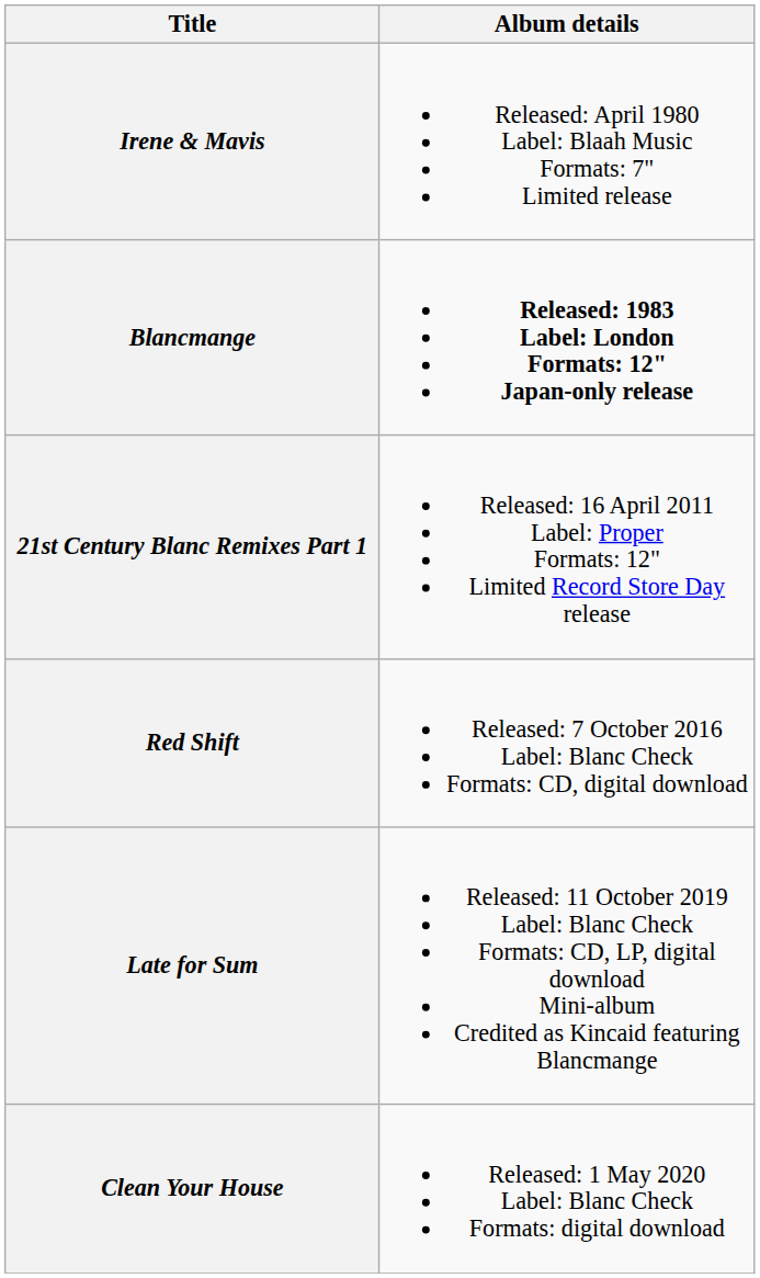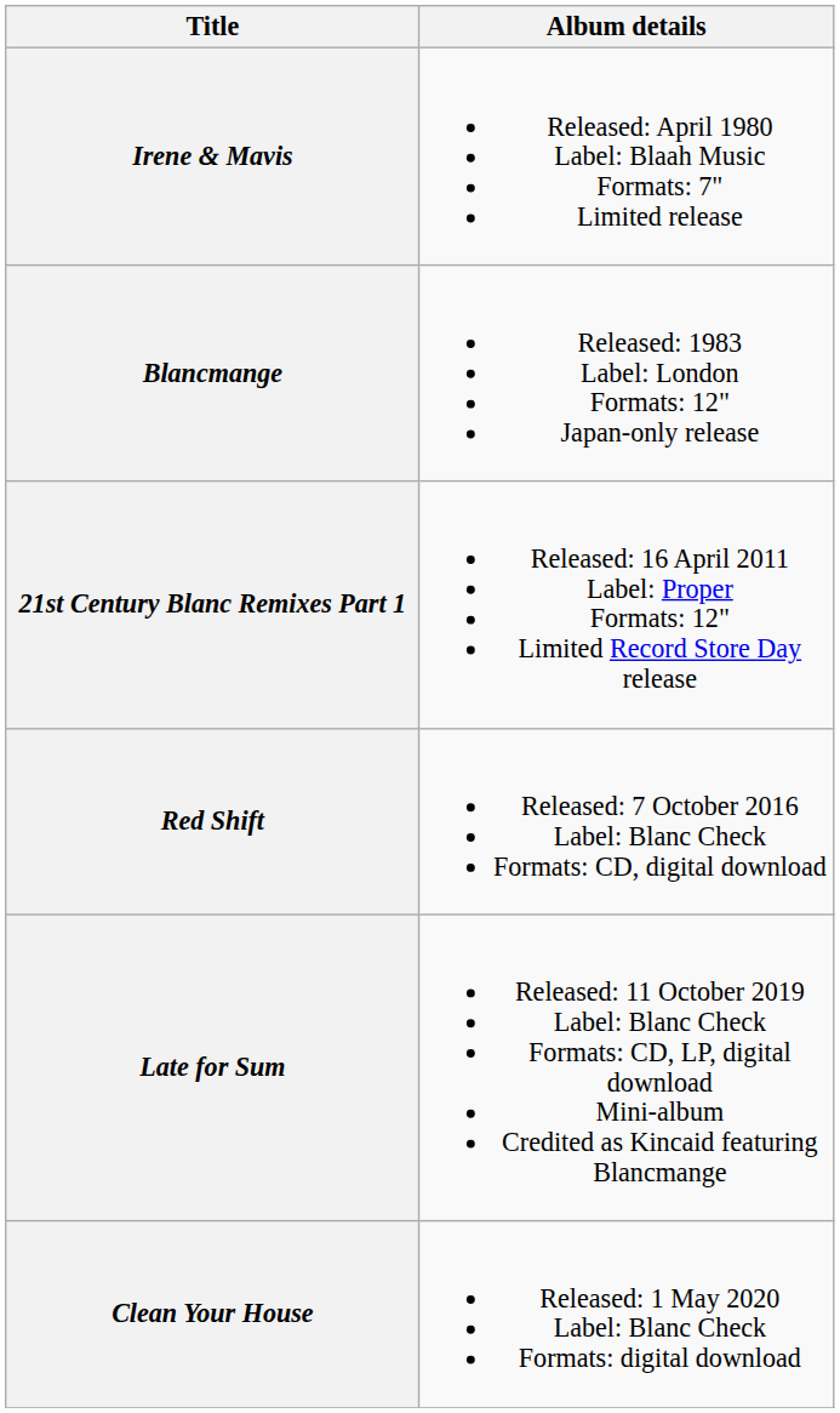 <table class="wikitable plainrowheaders" style="text-align:center;">
 <tr>
 <th scope="col" style="width:15em;">Title</th>
 <th scope="col" style="width:15em;">Album details</th>
 </tr>
 <tr>
 <th scope="row"><em>Irene & Mavis</em></th>
 <td><br><ul><li>Released: April 1980</li><li>Label: Blaah Music</li><li>Formats: 7"</li><li>Limited release</li></ul></td>
 </tr>
 <tr>
 <th scope="row"><em>Blancmange</em></th>
-<td><strong><br><ul><li>Released: 1983</li><li>Label: London</li><li>Formats: 12"</li><li>Japan-only release</li></ul></strong></td>
+<td><br><ul><li>Released: 1983</li><li>Label: London</li><li>Formats: 12"</li><li>Japan-only release</li></ul></td>
 </tr>
 <tr>
 <th scope="row"><em>21st Century Blanc Remixes Part 1</em></th>
 <td><br><ul><li>Released: 16 April 2011</li><li>Label: <a href='#'>Proper</a></li><li>Formats: 12"</li><li>Limited <a href='#'>Record Store Day</a> release</li></ul></td>
 </tr>
 <tr>
 <th scope="row"><em>Red Shift</em></th>
 <td><br><ul><li>Released: 7 October 2016</li><li>Label: Blanc Check</li><li>Formats: CD, digital download</li></ul></td>
 </tr>
 <tr>
 <th scope="row"><em>Late for Sum</em></th>
 <td><br><ul><li>Released: 11 October 2019</li><li>Label: Blanc Check</li><li>Formats: CD, LP, digital download</li><li>Mini-album</li><li>Credited as Kincaid featuring Blancmange</li></ul></td>
 </tr>
 <tr>
 <th scope="row"><em>Clean Your House</em></th>
 <td><br><ul><li>Released: 1 May 2020</li><li>Label: Blanc Check</li><li>Formats: digital download</li></ul></td>
 </tr>
 <tr>
 </tr>
 </table>
